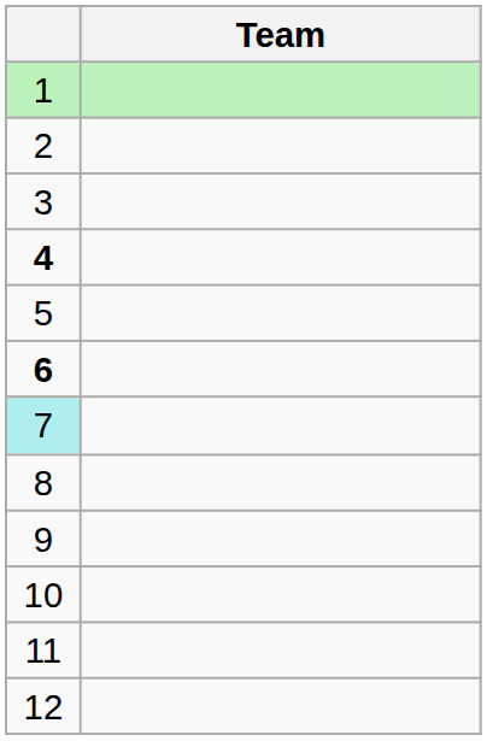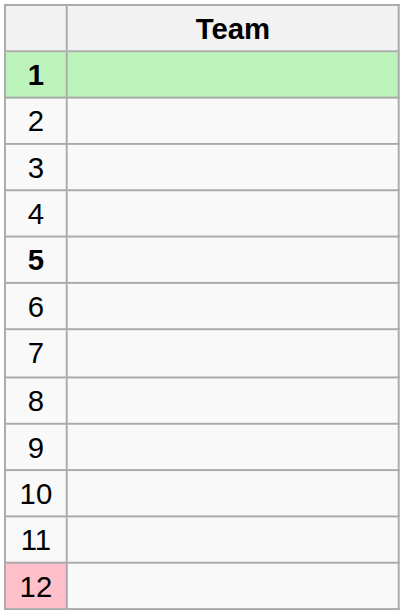 <table class="wikitable" style="font-size: 95%; text-align: center;">
 <tr>
 <th width=25></th>
 <th width=165>Team</th>
 </tr>
 <tr style="background:#BBF3BB;">
-<td>1</td>
+<td><strong>1</strong></td>
 <td style="text-align:left;"></td>
 </tr>
 <tr>
 <td>2</td>
 <td style="text-align:left;"></td>
 </tr>
 <tr>
 <td>3</td>
 <td style="text-align:left;"></td>
 </tr>
 <tr>
-<td><strong>4</strong></td>
+<td>4</td>
 <td style="text-align:left;"></td>
 </tr>
 <tr>
-<td>5</td>
+<td><strong>5</strong></td>
 <td style="text-align:left;"></td>
 </tr>
 <tr>
-<td><strong>6</strong></td>
+<td>6</td>
 <td style="text-align:left;"></td>
 </tr>
 <tr>
-<td style="background: paleturquoise;">7</td>
+<td>7</td>
 <td style="text-align:left;"></td>
 </tr>
 <tr>
 <td>8</td>
 <td style="text-align:left;"></td>
 </tr>
 <tr>
 <td>9</td>
 <td style="text-align:left;"></td>
 </tr>
 <tr>
 <td>10</td>
 <td style="text-align:left;"></td>
 </tr>
 <tr>
 <td>11</td>
 <td style="text-align:left;"></td>
 </tr>
 <tr>
-<td>12</td>
+<td style="background: pink;">12</td>
 <td style="text-align:left;"></td>
 </tr>
 </table>
